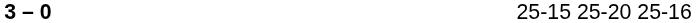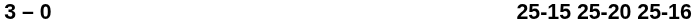 <table width=100% cellspacing=1>
 <tr>
 <th width=20%></th>
 <th width=12%></th>
 <th width=20%></th>
 <th width=33%></th>
 <td></td>
 </tr>
 <tr style=font-size:90%>
 <td align=right><strong></strong></td>
 <td align=center><strong>3 – 0</strong></td>
 <td></td>
-<td>25-15 25-20 25-16</td>
+<td><strong>25-15 25-20 25-16</strong></td>
 </tr>
 </table>
